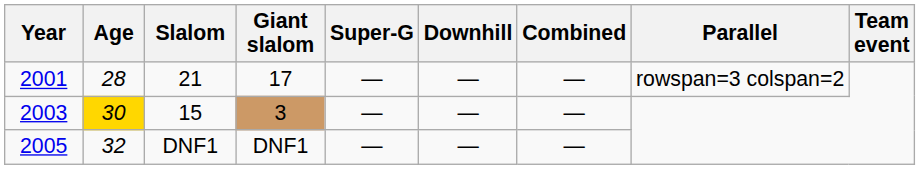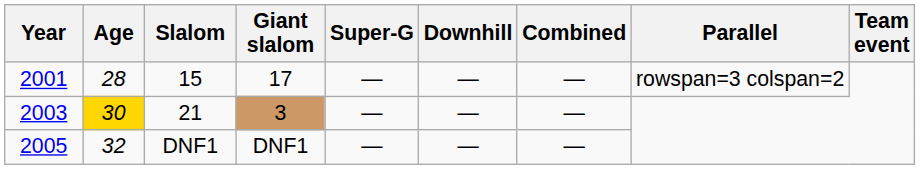 <table class=wikitable style="text-align:center">
 <tr>
 <th>  Year  </th>
 <th> Age </th>
 <th> Slalom </th>
 <th> Giant <br> slalom </th>
 <th>Super-G</th>
 <th>Downhill</th>
 <th>Combined</th>
 <th>Parallel</th>
 <th>Team<br>event</th>
 </tr>
 <tr>
 <td><a href='#'>2001</a></td>
 <td><em>28</em></td>
-<td>21</td>
+<td>15</td>
 <td>17</td>
 <td>—</td>
 <td>—</td>
 <td>—</td>
 <td>rowspan=3 colspan=2 </td>
 </tr>
 <tr>
 <td><a href='#'>2003</a></td>
 <td style="background: gold;"><em>30</em></td>
-<td>15</td>
+<td>21</td>
 <td style="background:#c96;">3</td>
 <td>—</td>
 <td>—</td>
 <td>—</td>
 </tr>
 <tr>
 <td><a href='#'>2005</a></td>
 <td><em>32</em></td>
 <td>DNF1</td>
 <td>DNF1</td>
 <td>—</td>
 <td>—</td>
 <td>—</td>
 </tr>
 </table>
